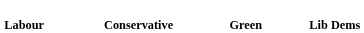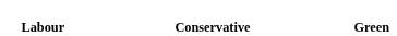 <table style="width:60%; text-align:center;">
 <tr style="color:white">
 <td style="background:"><strong>37</strong></td>
 <td style="background:"><strong>14</strong></td>
 <td style="background:"><strong>11</strong></td>
-<td style="background:"><strong>8</strong></td>
 </tr>
 <tr>
 <td><span><strong>Labour</strong></span></td>
 <td><span><strong>Conservative</strong></span></td>
 <td><span><strong>Green</strong></span></td>
-<td><span><strong>Lib Dems</strong></span></td>
 </tr>
 </table>
